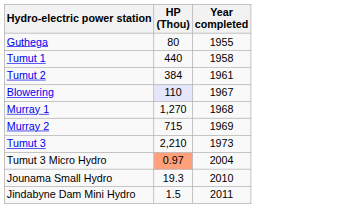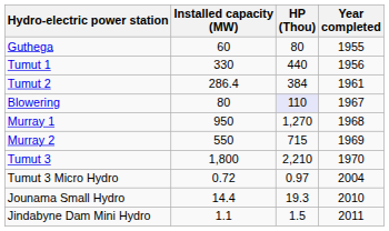 <table class="wikitable sortable">
 <tr>
 <th>Hydro-electric power station</th>
+<th data-sort-type="number">Installed capacity<br> (MW)</th>
 <th data-sort-type="number">HP <br>(Thou)</th>
 <th>Year <br>completed</th>
 </tr>
 <tr>
 <td><a href='#'>Guthega</a></td>
+<td align="center">60</td>
 <td align="center">80</td>
 <td align="center">1955</td>
 </tr>
 <tr>
 <td><a href='#'>Tumut 1</a></td>
+<td align="center">330</td>
 <td align="center">440</td>
-<td align="center">1958</td>
+<td align="center">1956</td>
 </tr>
 <tr>
 <td><a href='#'>Tumut 2</a></td>
+<td align="center">286.4</td>
 <td align="center">384</td>
 <td align="center">1961</td>
 </tr>
 <tr>
 <td><a href='#'>Blowering</a></td>
+<td align="center">80</td>
 <td align="center" style="background: lavender;">110</td>
 <td align="center">1967</td>
 </tr>
 <tr>
 <td><a href='#'>Murray 1</a></td>
+<td align="center">950</td>
 <td align="center">1,270</td>
 <td align="center">1968</td>
 </tr>
 <tr>
 <td><a href='#'>Murray 2</a></td>
+<td align="center">550</td>
 <td align="center">715</td>
 <td align="center">1969</td>
 </tr>
 <tr>
 <td><a href='#'>Tumut 3</a></td>
+<td align="center">1,800</td>
 <td align="center">2,210</td>
-<td align="center">1973</td>
+<td align="center">1970</td>
 </tr>
 <tr>
 <td>Tumut 3 Micro Hydro</td>
-<td align="center" style="background: lightsalmon;">0.97</td>
+<td align="center">0.72</td>
+<td align="center">0.97</td>
 <td align="center">2004</td>
 </tr>
 <tr>
 <td>Jounama Small Hydro</td>
+<td align="center">14.4</td>
 <td align="center">19.3</td>
 <td align="center">2010</td>
 </tr>
 <tr>
 <td>Jindabyne Dam Mini Hydro</td>
+<td align="center">1.1</td>
 <td align="center">1.5</td>
 <td align="center">2011</td>
 </tr>
 </table>
